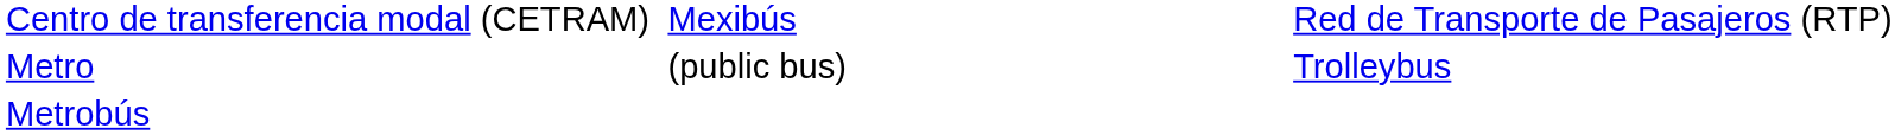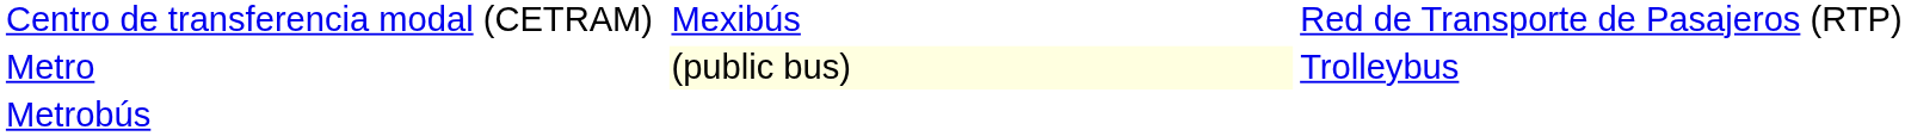 <table style="margin:auto">
 <tr>
 <td> <a href='#'>Centro de transferencia modal</a> (CETRAM) </td>
 <td width=33%> <a href='#'>Mexibús</a></td>
 <td> <a href='#'>Red de Transporte de Pasajeros</a> (RTP)</td>
 </tr>
 <tr>
 <td> <a href='#'>Metro</a></td>
-<td>  (public bus)</td>
+<td style="background: lightyellow;">  (public bus)</td>
 <td> <a href='#'>Trolleybus</a></td>
 </tr>
 <tr>
 <td> <a href='#'>Metrobús</a></td>
 </tr>
 </table>
